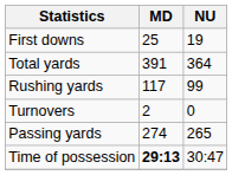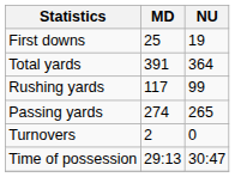 <table class="wikitable">
 <tr>
 <th>Statistics</th>
 <th>MD</th>
 <th>NU</th>
 </tr>
 <tr>
 <td>First downs</td>
 <td>25</td>
 <td>19</td>
 </tr>
 <tr>
 <td>Total yards</td>
 <td>391</td>
 <td>364</td>
 </tr>
 <tr>
 <td>Rushing yards</td>
 <td>117</td>
 <td>99</td>
 </tr>
 <tr>
+<td>Passing yards</td>
+<td>274</td>
+<td>265</td>
+</tr>
+<tr>
 <td>Turnovers</td>
 <td>2</td>
 <td>0</td>
 </tr>
 <tr>
-<td>Passing yards</td>
-<td>274</td>
-<td>265</td>
-</tr>
-<tr>
 <td>Time of possession</td>
-<td><strong>29:13</strong></td>
+<td>29:13</td>
 <td>30:47</td>
 </tr>
 <tr>
 </tr>
 </table>
